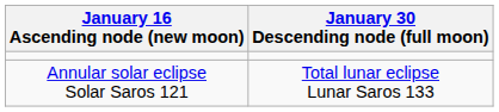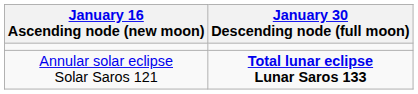 <table class="wikitable">
 <tr>
 <th><a href='#'>January 16</a><br>Ascending node (new moon)<br></th>
 <th><a href='#'>January 30</a><br>Descending node (full moon)<br></th>
 </tr>
 <tr>
 <td></td>
 <td></td>
 </tr>
 <tr align=center>
 <td><a href='#'>Annular solar eclipse</a><br>Solar Saros 121</td>
-<td><a href='#'>Total lunar eclipse</a><br>Lunar Saros 133</td>
+<td><strong><a href='#'>Total lunar eclipse</a><br>Lunar Saros 133</strong></td>
 </tr>
 </table>
